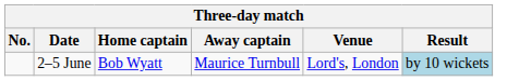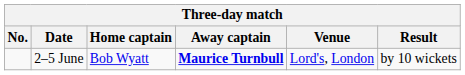 <table class="wikitable">
 <tr>
 <th colspan="9">Three-day match</th>
 </tr>
 <tr>
 <th>No.</th>
 <th>Date</th>
 <th>Home captain</th>
 <th>Away captain</th>
 <th>Venue</th>
 <th>Result</th>
 </tr>
 <tr>
 <td></td>
 <td>2–5 June</td>
 <td><a href='#'>Bob Wyatt</a></td>
-<td><a href='#'>Maurice Turnbull</a></td>
+<td><strong><a href='#'>Maurice Turnbull</a></strong></td>
 <td><a href='#'>Lord's</a>, <a href='#'>London</a></td>
-<td style="background: lightblue;"> by 10 wickets</td>
+<td> by 10 wickets</td>
 </tr>
 </table>
